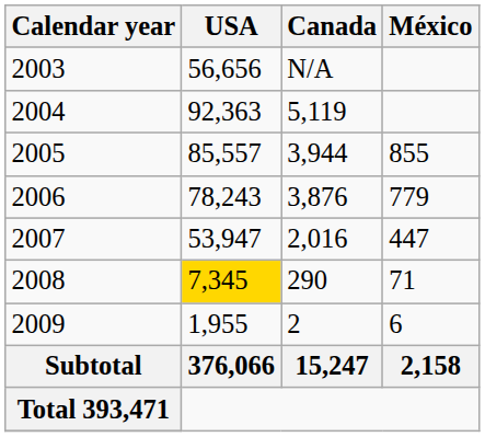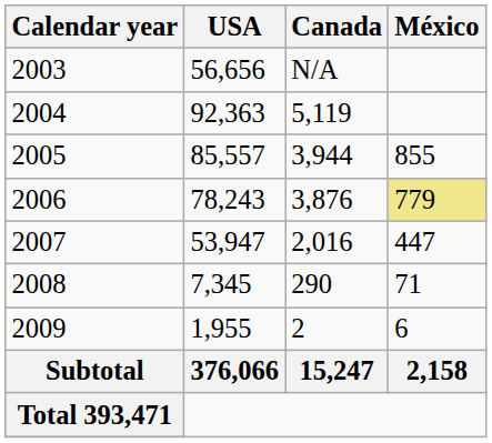 <table class="wikitable">
 <tr>
 <th>Calendar year</th>
 <th>USA</th>
 <th>Canada</th>
 <th>México</th>
 </tr>
 <tr>
 <td>2003</td>
 <td>56,656</td>
 <td>N/A</td>
 <td></td>
 </tr>
 <tr>
 <td>2004</td>
 <td>92,363</td>
 <td>5,119</td>
 <td></td>
 </tr>
 <tr>
 <td>2005</td>
 <td>85,557</td>
 <td>3,944</td>
 <td>855</td>
 </tr>
 <tr>
 <td>2006</td>
 <td>78,243</td>
 <td>3,876</td>
-<td>779</td>
+<td style="background: khaki;">779</td>
 </tr>
 <tr>
 <td>2007</td>
 <td>53,947</td>
 <td>2,016</td>
 <td>447</td>
 </tr>
 <tr>
 <td>2008</td>
-<td style="background: gold;">7,345</td>
+<td>7,345</td>
 <td>290</td>
 <td>71</td>
 </tr>
 <tr>
 <td>2009</td>
 <td>1,955</td>
 <td>2</td>
 <td>6</td>
 </tr>
 <tr>
 <th>Subtotal</th>
 <th>376,066</th>
 <th>15,247</th>
 <th>2,158</th>
 </tr>
 <tr>
 <th>Total 393,471</th>
 </tr>
 <tr>
 </tr>
 </table>
